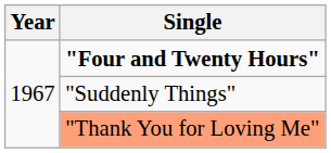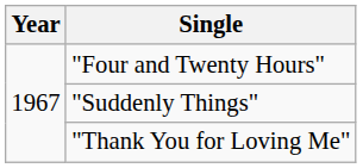 <table class="wikitable">
 <tr>
 <th>Year</th>
 <th>Single</th>
 </tr>
 <tr>
 <td rowspan="3">1967</td>
-<td><strong>"Four and Twenty Hours"</strong></td>
+<td>"Four and Twenty Hours"</td>
 </tr>
 <tr>
 <td>"Suddenly Things"</td>
 </tr>
 <tr>
-<td style="background: lightsalmon;">"Thank You for Loving Me"</td>
+<td>"Thank You for Loving Me"</td>
 </tr>
 </table>
